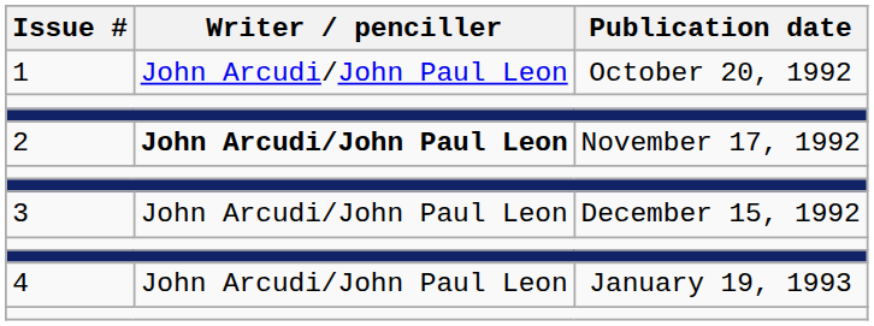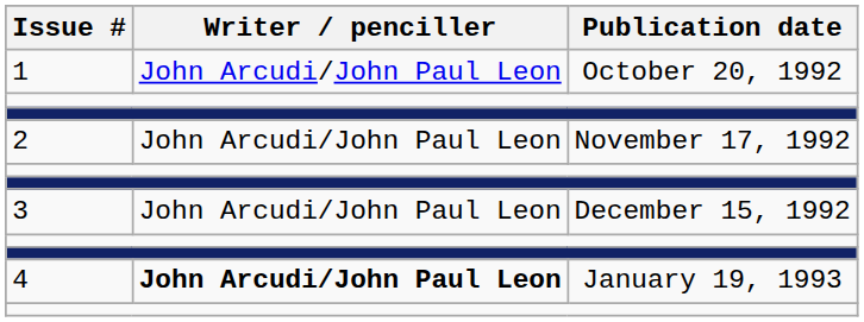 <table class="wikitable">
 <tr>
 <th>Issue #</th>
 <th>Writer / penciller</th>
 <th>Publication date</th>
 </tr>
 <tr>
 <td>1</td>
 <td align="center"><a href='#'>John Arcudi</a>/<a href='#'>John Paul Leon</a></td>
 <td align="center">October 20, 1992</td>
 </tr>
 <tr>
 <td colspan="6"></td>
 </tr>
 <tr>
 <td colspan="6" bgcolor="#112266"></td>
 </tr>
 <tr>
 <td>2</td>
-<td align="center"><strong>John Arcudi/John Paul Leon</strong></td>
+<td align="center">John Arcudi/John Paul Leon</td>
 <td align="center">November 17, 1992</td>
 </tr>
 <tr>
 <td colspan="6"></td>
 </tr>
 <tr>
 <td colspan="6" bgcolor="#112266"></td>
 </tr>
 <tr>
 <td>3</td>
 <td align="center">John Arcudi/John Paul Leon</td>
 <td align="center">December 15, 1992</td>
 </tr>
 <tr>
 <td colspan="6"></td>
 </tr>
 <tr>
 <td colspan="6" bgcolor="#112266"></td>
 </tr>
 <tr>
 <td>4</td>
-<td align="center">John Arcudi/John Paul Leon</td>
+<td align="center"><strong>John Arcudi/John Paul Leon</strong></td>
 <td align="center">January 19, 1993</td>
 </tr>
 <tr>
 <td colspan="6"></td>
 </tr>
 </table>
